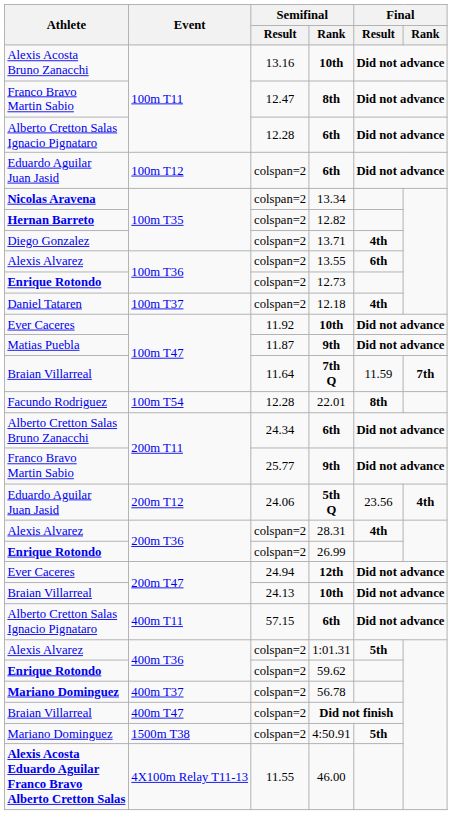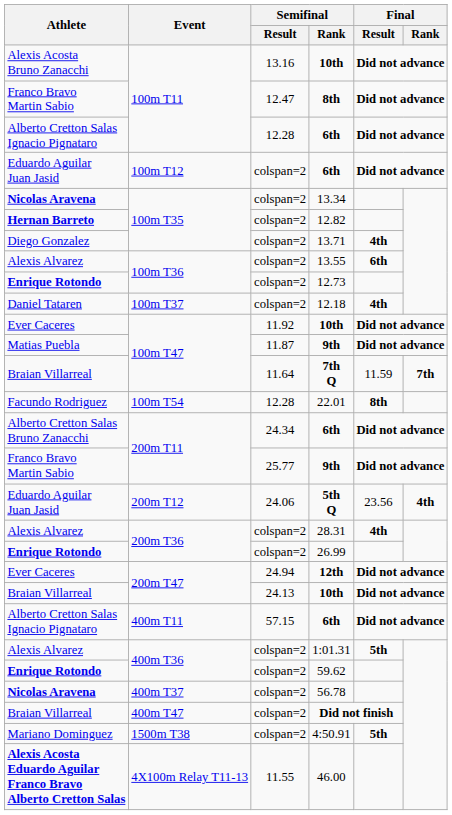 <table class=wikitable style="font-size:90%">
 <tr>
 <th rowspan="2">Athlete</th>
 <th rowspan="2">Event</th>
 <th colspan="2">Semifinal</th>
 <th colspan="2">Final</th>
 </tr>
 <tr style="font-size:95%">
 <th>Result</th>
 <th>Rank</th>
 <th>Result</th>
 <th>Rank</th>
 </tr>
 <tr align=center>
 <td align=left><a href='#'>Alexis Acosta</a><br><a href='#'>Bruno Zanacchi</a></td>
 <td align=left rowspan=3><a href='#'>100m T11</a></td>
 <td>13.16</td>
 <td><strong>10th</strong></td>
 <td colspan=2><strong>Did not advance</strong></td>
 </tr>
 <tr align=center>
 <td align=left><a href='#'>Franco Bravo</a><br><a href='#'>Martin Sabio</a></td>
 <td>12.47</td>
 <td><strong>8th</strong></td>
 <td colspan=2><strong>Did not advance</strong></td>
 </tr>
 <tr align=center>
 <td align=left><a href='#'>Alberto Cretton Salas</a><br><a href='#'>Ignacio Pignataro</a></td>
 <td>12.28</td>
 <td><strong>6th</strong></td>
 <td colspan=2><strong>Did not advance</strong></td>
 </tr>
 <tr align=center>
 <td align=left><a href='#'>Eduardo Aguilar</a><br><a href='#'>Juan Jasid</a></td>
 <td align=left><a href='#'>100m T12</a></td>
 <td>colspan=2 </td>
 <td><strong>6th</strong></td>
 <td colspan=2><strong>Did not advance</strong></td>
 </tr>
 <tr align=center>
 <td align=left><strong><a href='#'>Nicolas Aravena</a></strong></td>
 <td align=left rowspan =3><a href='#'>100m T35</a></td>
 <td>colspan=2 </td>
 <td>13.34</td>
 <td></td>
 </tr>
 <tr align=center>
 <td align=left><strong><a href='#'>Hernan Barreto</a></strong></td>
 <td>colspan=2 </td>
 <td>12.82</td>
 <td></td>
 </tr>
 <tr align=center>
 <td align=left><a href='#'>Diego Gonzalez</a></td>
 <td>colspan=2 </td>
 <td>13.71</td>
 <td><strong>4th</strong></td>
 </tr>
 <tr align=center>
 <td align=left><a href='#'>Alexis Alvarez</a></td>
 <td align=left rowspan=2><a href='#'>100m T36</a></td>
 <td>colspan=2 </td>
 <td>13.55</td>
 <td><strong>6th</strong></td>
 </tr>
 <tr align=center>
 <td align=left><strong><a href='#'>Enrique Rotondo</a></strong></td>
 <td>colspan=2 </td>
 <td>12.73</td>
 <td></td>
 </tr>
 <tr align=center>
 <td align=left><a href='#'>Daniel Tataren</a></td>
 <td align=left><a href='#'>100m T37</a></td>
 <td>colspan=2 </td>
 <td>12.18</td>
 <td><strong>4th</strong></td>
 </tr>
 <tr align=center>
 <td align=left><a href='#'>Ever Caceres</a></td>
 <td align=left rowspan=3><a href='#'>100m T47</a></td>
 <td>11.92</td>
 <td><strong>10th</strong></td>
 <td colspan=2><strong>Did not advance</strong></td>
 </tr>
 <tr align=center>
 <td align=left><a href='#'>Matias Puebla</a></td>
 <td>11.87</td>
 <td><strong>9th</strong></td>
 <td colspan=2><strong>Did not advance</strong></td>
 </tr>
 <tr align=center>
 <td align=left><a href='#'>Braian Villarreal</a></td>
 <td>11.64</td>
 <td><strong>7th</strong><br><strong>Q</strong></td>
 <td>11.59</td>
 <td><strong>7th</strong></td>
 </tr>
 <tr align=center>
 <td align=left><a href='#'>Facundo Rodriguez</a></td>
 <td align=left><a href='#'>100m T54</a></td>
 <td>12.28</td>
 <td>22.01</td>
 <td><strong>8th</strong></td>
 </tr>
 <tr align=center>
 <td align=left><a href='#'>Alberto Cretton Salas</a><br><a href='#'>Bruno Zanacchi</a></td>
 <td align=left rowspan=2><a href='#'>200m T11</a></td>
 <td>24.34</td>
 <td><strong>6th</strong></td>
 <td colspan=2><strong>Did not advance</strong></td>
 </tr>
 <tr align=center>
 <td align=left><a href='#'>Franco Bravo</a><br><a href='#'>Martin Sabio</a></td>
 <td>25.77</td>
 <td><strong>9th</strong></td>
 <td colspan=2><strong>Did not advance</strong></td>
 </tr>
 <tr align=center>
 <td align=left><a href='#'>Eduardo Aguilar</a><br><a href='#'>Juan Jasid</a></td>
 <td align=left><a href='#'>200m T12</a></td>
 <td>24.06</td>
 <td><strong>5th</strong><br><strong>Q</strong></td>
 <td>23.56</td>
 <td><strong>4th</strong></td>
 </tr>
 <tr align=center>
 <td align=left><a href='#'>Alexis Alvarez</a></td>
 <td align=left rowspan=2><a href='#'>200m T36</a></td>
 <td>colspan=2 </td>
 <td>28.31</td>
 <td><strong>4th</strong></td>
 </tr>
 <tr align=center>
 <td align=left><strong><a href='#'>Enrique Rotondo</a></strong></td>
 <td>colspan=2 </td>
 <td>26.99</td>
 <td></td>
 </tr>
 <tr align=center>
 <td align=left><a href='#'>Ever Caceres</a></td>
 <td align=left rowspan=2><a href='#'>200m T47</a></td>
 <td>24.94</td>
 <td><strong>12th</strong></td>
 <td colspan=2><strong>Did not advance</strong></td>
 </tr>
 <tr align=center>
 <td align=left><a href='#'>Braian Villarreal</a></td>
 <td>24.13</td>
 <td><strong>10th</strong></td>
 <td colspan=2><strong>Did not advance</strong></td>
 </tr>
 <tr align=center>
 <td align=left><a href='#'>Alberto Cretton Salas</a><br><a href='#'>Ignacio Pignataro</a></td>
 <td align=left><a href='#'>400m T11</a></td>
 <td>57.15</td>
 <td><strong>6th</strong></td>
 <td colspan=2><strong>Did not advance</strong></td>
 </tr>
 <tr align=center>
 <td align=left><a href='#'>Alexis Alvarez</a></td>
 <td align=left rowspan=2><a href='#'>400m T36</a></td>
 <td>colspan=2 </td>
 <td>1:01.31</td>
 <td><strong>5th</strong></td>
 </tr>
 <tr align=center>
 <td align=left><strong><a href='#'>Enrique Rotondo</a></strong></td>
 <td>colspan=2 </td>
 <td>59.62</td>
 <td></td>
 </tr>
 <tr align=center>
-<td align=left><strong><a href='#'>Mariano Dominguez</a></strong></td>
+<td align=left><strong><a href='#'>Nicolas Aravena</a></strong></td>
 <td align=left><a href='#'>400m T37</a></td>
 <td>colspan=2 </td>
 <td>56.78</td>
 <td></td>
 </tr>
 <tr align=center>
 <td align=left><a href='#'>Braian Villarreal</a></td>
 <td align=left><a href='#'>400m T47</a></td>
 <td>colspan=2 </td>
 <td colspan=2><strong>Did not finish</strong></td>
 </tr>
 <tr align=center>
 <td align=left><a href='#'>Mariano Dominguez</a></td>
 <td align=left><a href='#'>1500m T38</a></td>
 <td>colspan=2 </td>
 <td>4:50.91</td>
 <td><strong>5th</strong></td>
 </tr>
 <tr align=center>
 <td align=left><strong><a href='#'>Alexis Acosta</a><br><a href='#'>Eduardo Aguilar</a><br><a href='#'>Franco Bravo</a><br><a href='#'>Alberto Cretton Salas</a></strong></td>
 <td align=left><a href='#'>4X100m Relay T11-13</a></td>
 <td>11.55</td>
 <td>46.00</td>
 <td></td>
 </tr>
 </table>
